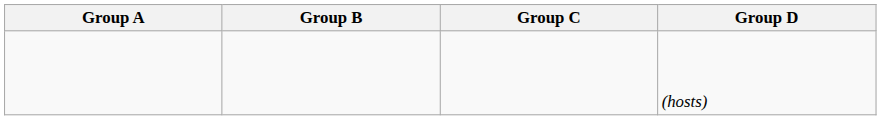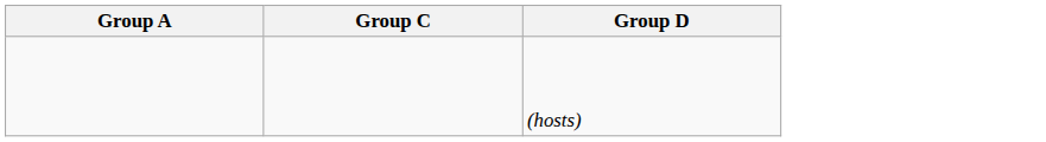 <table class="wikitable">
 <tr>
 <th width=200px>Group A</th>
-<th width=200px>Group B</th>
 <th width=200px>Group C</th>
 <th width=200px>Group D</th>
 </tr>
 <tr>
 <td><br> <br>  <br>  <br> </td>
 <td><br> <br>  <br> </td>
-<td><br> <br>  <br> </td>
 <td><br> <br>  <br>  <em>(hosts)</em></td>
 </tr>
 </table>
